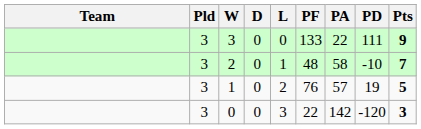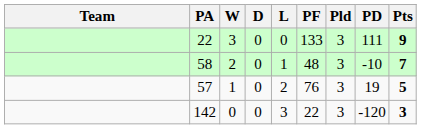 <table class="wikitable" style="text-align:center;">
 <tr>
 <th width="190">Team</th>
-<th width="20" abbr="Played">Pld</th>
+<th width="20" abbr="Points against">PA</th>
 <th width="20" abbr="Won">W</th>
 <th width="20" abbr="Drawn">D</th>
 <th width="20" abbr="Lost">L</th>
 <th width="20" abbr="Points for">PF</th>
-<th width="20" abbr="Points against">PA</th>
+<th width="20" abbr="Played">Pld</th>
 <th width="25" abbr="Points difference">PD</th>
 <th width="20" abbr="Points">Pts</th>
 </tr>
 <tr style="background:#ccffcc">
 <td align="left"></td>
-<td>3</td>
+<td>22</td>
 <td>3</td>
 <td>0</td>
 <td>0</td>
 <td>133</td>
-<td>22</td>
+<td>3</td>
 <td>111</td>
 <td><strong>9</strong></td>
 </tr>
 <tr style="background:#ccffcc">
 <td align="left"></td>
-<td>3</td>
+<td>58</td>
 <td>2</td>
 <td>0</td>
 <td>1</td>
 <td>48</td>
-<td>58</td>
+<td>3</td>
 <td>-10</td>
 <td><strong>7</strong></td>
 </tr>
 <tr>
 <td align="left"></td>
-<td>3</td>
+<td>57</td>
 <td>1</td>
 <td>0</td>
 <td>2</td>
 <td>76</td>
-<td>57</td>
+<td>3</td>
 <td>19</td>
 <td><strong>5</strong></td>
 </tr>
 <tr>
 <td align="left"></td>
-<td>3</td>
+<td>142</td>
 <td>0</td>
 <td>0</td>
 <td>3</td>
 <td>22</td>
-<td>142</td>
+<td>3</td>
 <td>-120</td>
 <td><strong>3</strong></td>
 </tr>
 </table>
